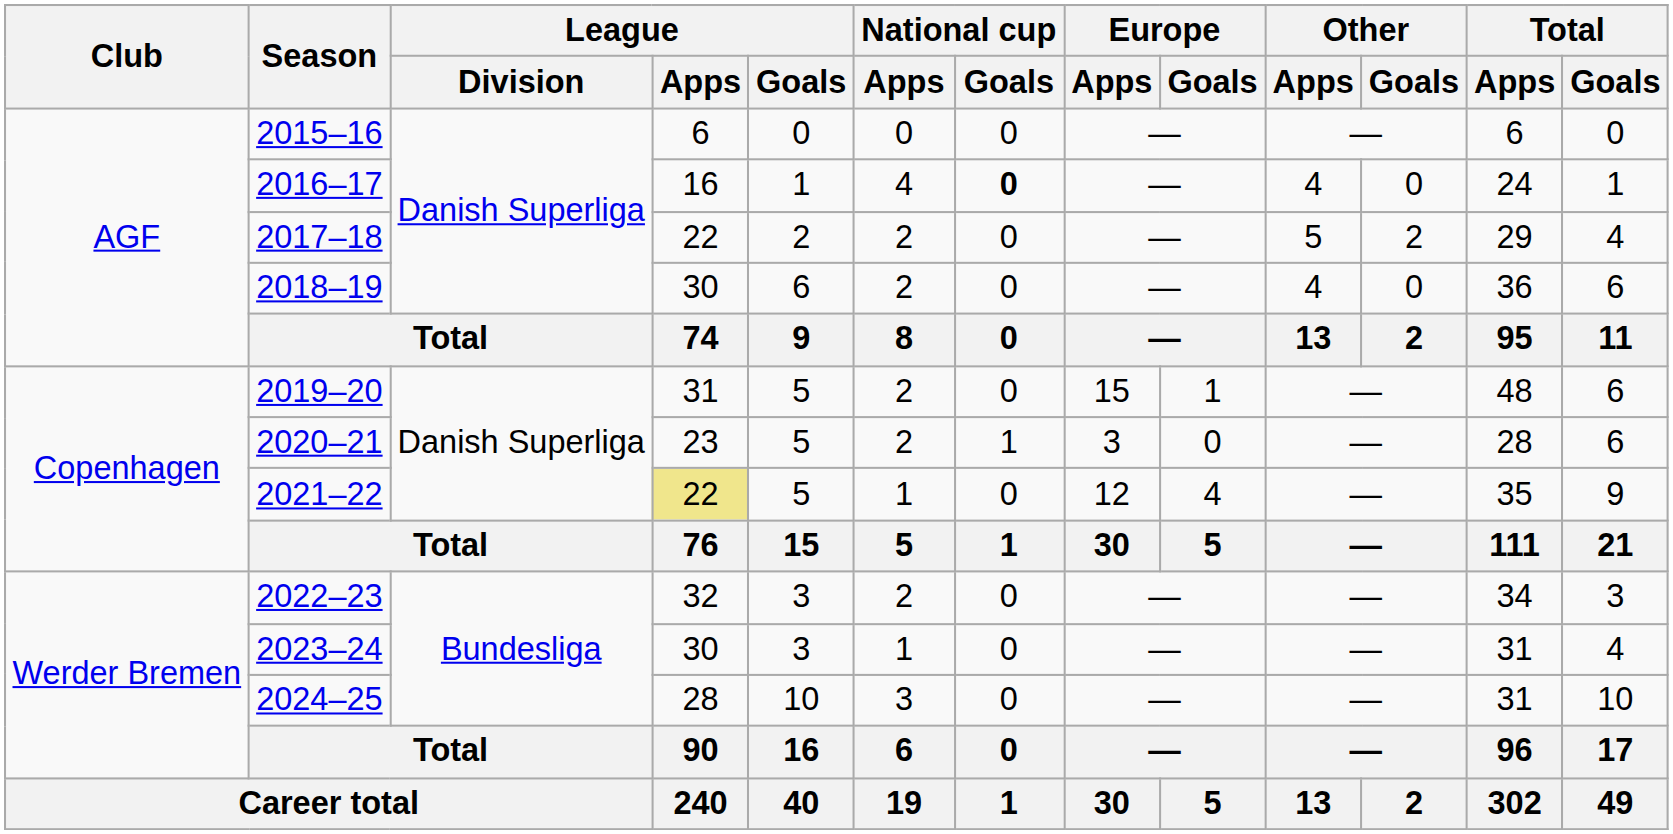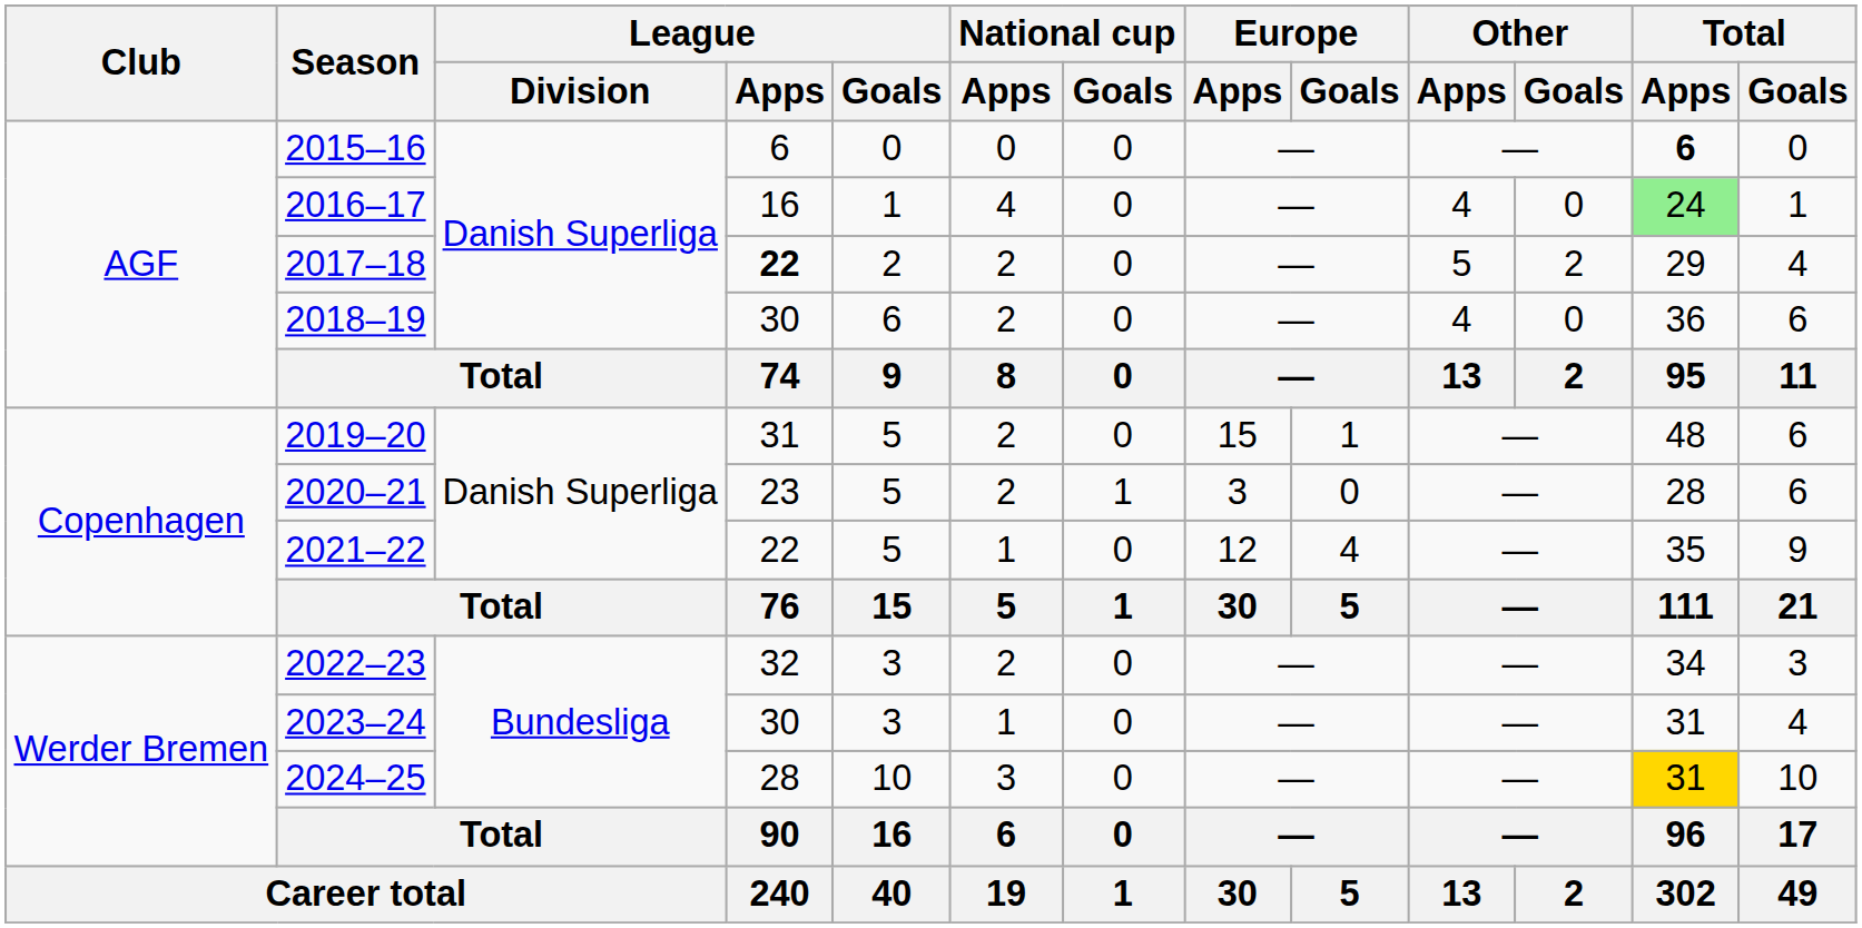 <table class="wikitable" style="text-align:center">
 <tr>
 <th rowspan="2">Club</th>
 <th rowspan="2">Season</th>
 <th colspan="3">League</th>
 <th colspan="2">National cup</th>
 <th colspan="2">Europe</th>
 <th colspan="2">Other</th>
 <th colspan="2">Total</th>
 </tr>
 <tr>
 <th>Division</th>
 <th>Apps</th>
 <th>Goals</th>
 <th>Apps</th>
 <th>Goals</th>
 <th>Apps</th>
 <th>Goals</th>
 <th>Apps</th>
 <th>Goals</th>
 <th>Apps</th>
 <th>Goals</th>
 </tr>
 <tr>
 <td rowspan="5"><a href='#'>AGF</a></td>
 <td><a href='#'>2015–16</a></td>
 <td rowspan="4"><a href='#'>Danish Superliga</a></td>
 <td>6</td>
 <td>0</td>
 <td>0</td>
 <td>0</td>
 <td colspan="2">—</td>
 <td colspan="2">—</td>
-<td>6</td>
+<td><strong>6</strong></td>
 <td>0</td>
 </tr>
 <tr>
 <td><a href='#'>2016–17</a></td>
 <td>16</td>
 <td>1</td>
 <td>4</td>
-<td><strong>0</strong></td>
+<td>0</td>
 <td colspan="2">—</td>
 <td>4</td>
 <td>0</td>
-<td>24</td>
+<td style="background: lightgreen;">24</td>
 <td>1</td>
 </tr>
 <tr>
 <td><a href='#'>2017–18</a></td>
-<td>22</td>
+<td><strong>22</strong></td>
 <td>2</td>
 <td>2</td>
 <td>0</td>
 <td colspan="2">—</td>
 <td>5</td>
 <td>2</td>
 <td>29</td>
 <td>4</td>
 </tr>
 <tr>
 <td><a href='#'>2018–19</a></td>
 <td>30</td>
 <td>6</td>
 <td>2</td>
 <td>0</td>
 <td colspan="2">—</td>
 <td>4</td>
 <td>0</td>
 <td>36</td>
 <td>6</td>
 </tr>
 <tr>
 <th colspan="2">Total</th>
 <th>74</th>
 <th>9</th>
 <th>8</th>
 <th>0</th>
 <th colspan="2">—</th>
 <th>13</th>
 <th>2</th>
 <th>95</th>
 <th>11</th>
 </tr>
 <tr>
 <td rowspan="4"><a href='#'>Copenhagen</a></td>
 <td><a href='#'>2019–20</a></td>
 <td rowspan="3">Danish Superliga</td>
 <td>31</td>
 <td>5</td>
 <td>2</td>
 <td>0</td>
 <td>15</td>
 <td>1</td>
 <td colspan="2">—</td>
 <td>48</td>
 <td>6</td>
 </tr>
 <tr>
 <td><a href='#'>2020–21</a></td>
 <td>23</td>
 <td>5</td>
 <td>2</td>
 <td>1</td>
 <td>3</td>
 <td>0</td>
 <td colspan="2">—</td>
 <td>28</td>
 <td>6</td>
 </tr>
 <tr>
 <td><a href='#'>2021–22</a></td>
-<td style="background: khaki;">22</td>
+<td>22</td>
 <td>5</td>
 <td>1</td>
 <td>0</td>
 <td>12</td>
 <td>4</td>
 <td colspan="2">—</td>
 <td>35</td>
 <td>9</td>
 </tr>
 <tr>
 <th colspan="2">Total</th>
 <th>76</th>
 <th>15</th>
 <th>5</th>
 <th>1</th>
 <th>30</th>
 <th>5</th>
 <th colspan="2">—</th>
 <th>111</th>
 <th>21</th>
 </tr>
 <tr>
 <td rowspan="4"><a href='#'>Werder Bremen</a></td>
 <td><a href='#'>2022–23</a></td>
 <td rowspan="3"><a href='#'>Bundesliga</a></td>
 <td>32</td>
 <td>3</td>
 <td>2</td>
 <td>0</td>
 <td colspan="2">—</td>
 <td colspan="2">—</td>
 <td>34</td>
 <td>3</td>
 </tr>
 <tr>
 <td><a href='#'>2023–24</a></td>
 <td>30</td>
 <td>3</td>
 <td>1</td>
 <td>0</td>
 <td colspan="2">—</td>
 <td colspan="2">—</td>
 <td>31</td>
 <td>4</td>
 </tr>
 <tr>
 <td><a href='#'>2024–25</a></td>
 <td>28</td>
 <td>10</td>
 <td>3</td>
 <td>0</td>
 <td colspan="2">—</td>
 <td colspan="2">—</td>
-<td>31</td>
+<td style="background: gold;">31</td>
 <td>10</td>
 </tr>
 <tr>
 <th colspan="2">Total</th>
 <th>90</th>
 <th>16</th>
 <th>6</th>
 <th>0</th>
 <th colspan="2">—</th>
 <th colspan="2">—</th>
 <th>96</th>
 <th>17</th>
 </tr>
 <tr>
 <th colspan="3">Career total</th>
 <th>240</th>
 <th>40</th>
 <th>19</th>
 <th>1</th>
 <th>30</th>
 <th>5</th>
 <th>13</th>
 <th>2</th>
 <th>302</th>
 <th>49</th>
 </tr>
 </table>
